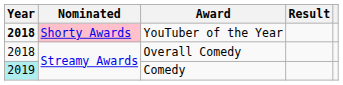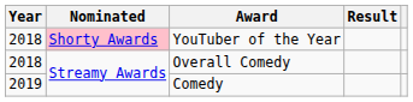 <table class="wikitable sortable">
 <tr>
 <th>Year</th>
 <th>Nominated</th>
 <th>Award</th>
 <th>Result</th>
 <th scope="col" class="unsortable"></th>
 </tr>
 <tr>
-<td><strong>2018</strong></td>
+<td>2018</td>
 <td style="background: pink;"><a href='#'>Shorty Awards</a></td>
 <td>YouTuber of the Year</td>
 <td></td>
 <td style="text-align:center;"></td>
 </tr>
 <tr>
 <td>2018</td>
 <td rowspan="2"><a href='#'>Streamy Awards</a></td>
 <td>Overall Comedy</td>
 <td></td>
 <td style="text-align:center;"></td>
 </tr>
 <tr>
-<td style="background: paleturquoise;">2019</td>
+<td>2019</td>
 <td>Comedy</td>
 <td></td>
 <td style="text-align:center;"></td>
 </tr>
 </table>
